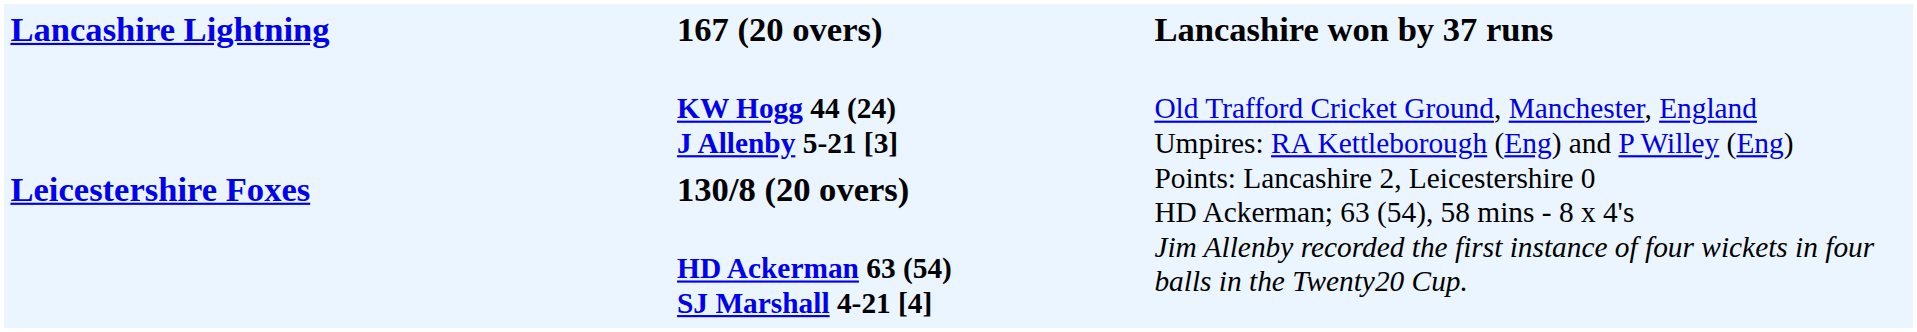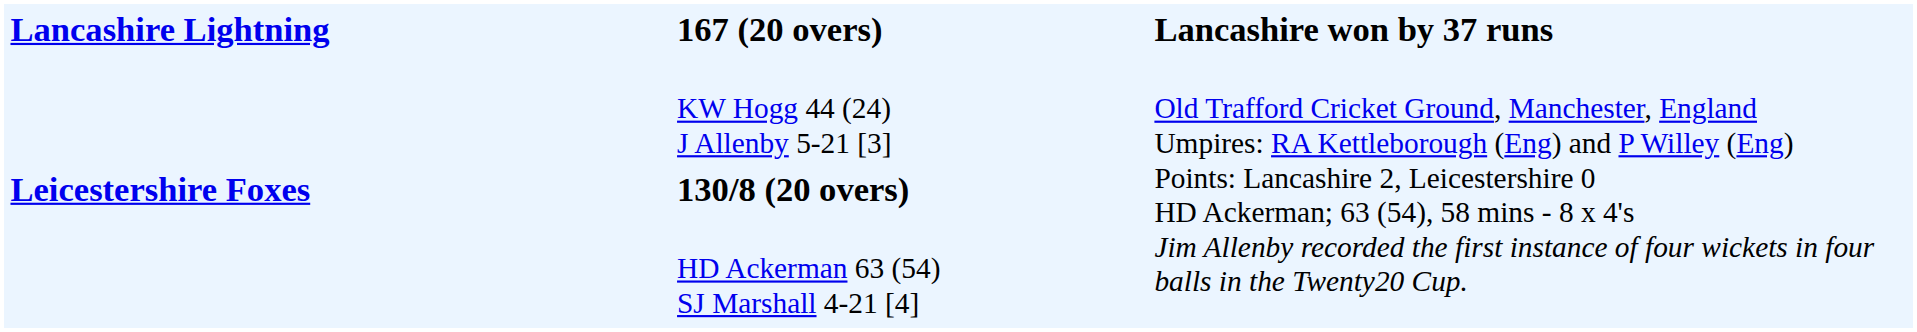 <table style="width:100%; background:#ebf5ff;">
 <tr>
 <td style="width:35%; vertical-align:top;" rowspan="2"><strong><a href='#'>Lancashire Lightning</a></strong></td>
 <td style="width:25%;"><strong>167 (20 overs)</strong></td>
 <td style="width:40%;"><strong>Lancashire won by 37 runs</strong></td>
 </tr>
 <tr>
-<td style="font-size: 85%;"><strong><br><a href='#'>KW Hogg</a> 44 (24)<br> <a href='#'>J Allenby</a> 5-21 [3]</strong></td>
+<td style="font-size: 85%;"><br><a href='#'>KW Hogg</a> 44 (24)<br> <a href='#'>J Allenby</a> 5-21 [3]</td>
 <td style="vertical-align:top; font-size:85%;" rowspan="3"><br><a href='#'>Old Trafford Cricket Ground</a>, <a href='#'>Manchester</a>, <a href='#'>England</a><br> Umpires: <a href='#'>RA Kettleborough</a> (<a href='#'>Eng</a>) and <a href='#'>P Willey</a> (<a href='#'>Eng</a>)<br> Points: Lancashire 2, Leicestershire 0<br>HD Ackerman; 63 (54), 58 mins - 8 x 4's<br> <em>Jim Allenby recorded the first instance of four wickets in four balls in the Twenty20 Cup.</em></td>
 </tr>
 <tr>
 <td style="vertical-align:top;" rowspan="2"><strong><a href='#'>Leicestershire Foxes</a></strong></td>
 <td><strong>130/8 (20 overs)</strong></td>
 </tr>
 <tr>
-<td style="font-size: 85%;"><strong><br><a href='#'>HD Ackerman</a> 63 (54)<br> <a href='#'>SJ Marshall</a> 4-21 [4]</strong></td>
+<td style="font-size: 85%;"><br><a href='#'>HD Ackerman</a> 63 (54)<br> <a href='#'>SJ Marshall</a> 4-21 [4]</td>
 </tr>
 </table>
